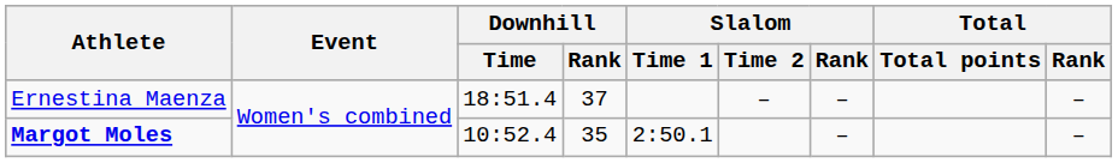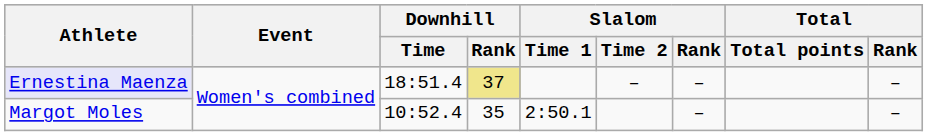 <table class="wikitable" style="font-size:90%">
 <tr>
 <th rowspan="2">Athlete</th>
 <th rowspan="2">Event</th>
 <th colspan="2">Downhill</th>
 <th colspan="3">Slalom</th>
 <th colspan="2">Total</th>
 </tr>
 <tr>
 <th>Time</th>
 <th>Rank</th>
 <th>Time 1</th>
 <th>Time 2</th>
 <th>Rank</th>
 <th>Total points</th>
 <th>Rank</th>
 </tr>
 <tr>
-<td><a href='#'>Ernestina Maenza</a></td>
+<td style="background: lavender;"><a href='#'>Ernestina Maenza</a></td>
 <td rowspan="2"><a href='#'>Women's combined</a></td>
 <td align="center">18:51.4</td>
-<td align="center">37</td>
+<td align="center" style="background: khaki;">37</td>
 <td align="center"></td>
 <td align="center">–</td>
 <td align="center">–</td>
 <td align="center"></td>
 <td align="center">–</td>
 </tr>
 <tr>
-<td><strong><a href='#'>Margot Moles</a></strong></td>
+<td><a href='#'>Margot Moles</a></td>
 <td align="center">10:52.4</td>
 <td align="center">35</td>
 <td align="center">2:50.1</td>
 <td align="center"></td>
 <td align="center">–</td>
 <td align="center"></td>
 <td align="center">–</td>
 </tr>
 </table>
